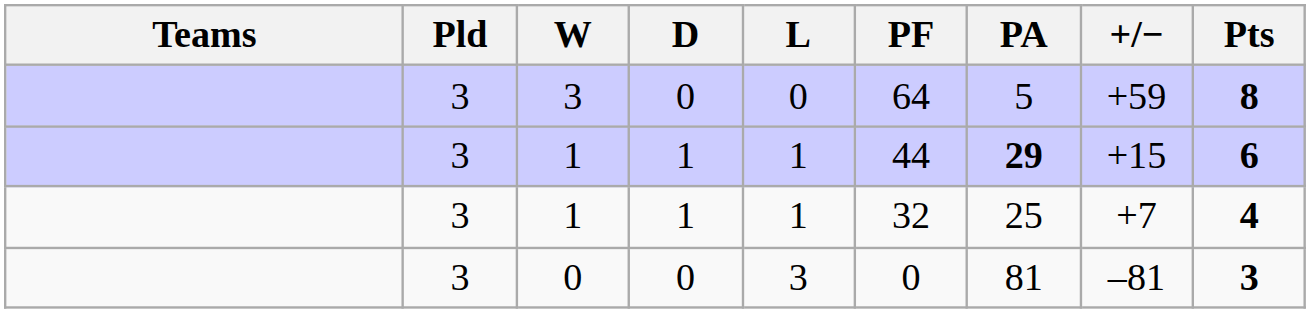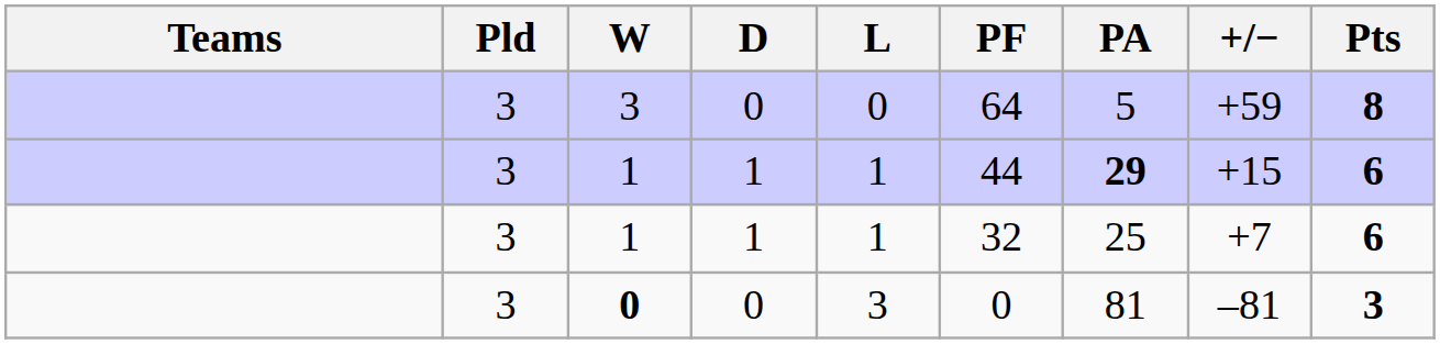 <table class="wikitable" style="text-align: center;">
 <tr>
 <th width="160">Teams</th>
 <th width="40">Pld</th>
 <th width="40">W</th>
 <th width="40">D</th>
 <th width="40">L</th>
 <th width="40">PF</th>
 <th width="40">PA</th>
 <th width="40">+/−</th>
 <th width="40">Pts</th>
 </tr>
 <tr bgcolor=ccccff>
 <td align=left></td>
 <td>3</td>
 <td>3</td>
 <td>0</td>
 <td>0</td>
 <td>64</td>
 <td>5</td>
 <td>+59</td>
 <td><strong>8</strong></td>
 </tr>
 <tr bgcolor=ccccff>
 <td align=left></td>
 <td>3</td>
 <td>1</td>
 <td>1</td>
 <td>1</td>
 <td>44</td>
 <td><strong>29</strong></td>
 <td>+15</td>
 <td><strong>6</strong></td>
 </tr>
 <tr>
 <td align=left></td>
 <td>3</td>
 <td>1</td>
 <td>1</td>
 <td>1</td>
 <td>32</td>
 <td>25</td>
 <td>+7</td>
-<td><strong>4</strong></td>
+<td><strong>6</strong></td>
 </tr>
 <tr>
 <td align=left></td>
 <td>3</td>
-<td>0</td>
+<td><strong>0</strong></td>
 <td>0</td>
 <td>3</td>
 <td>0</td>
 <td>81</td>
 <td>–81</td>
 <td><strong>3</strong></td>
 </tr>
 </table>
